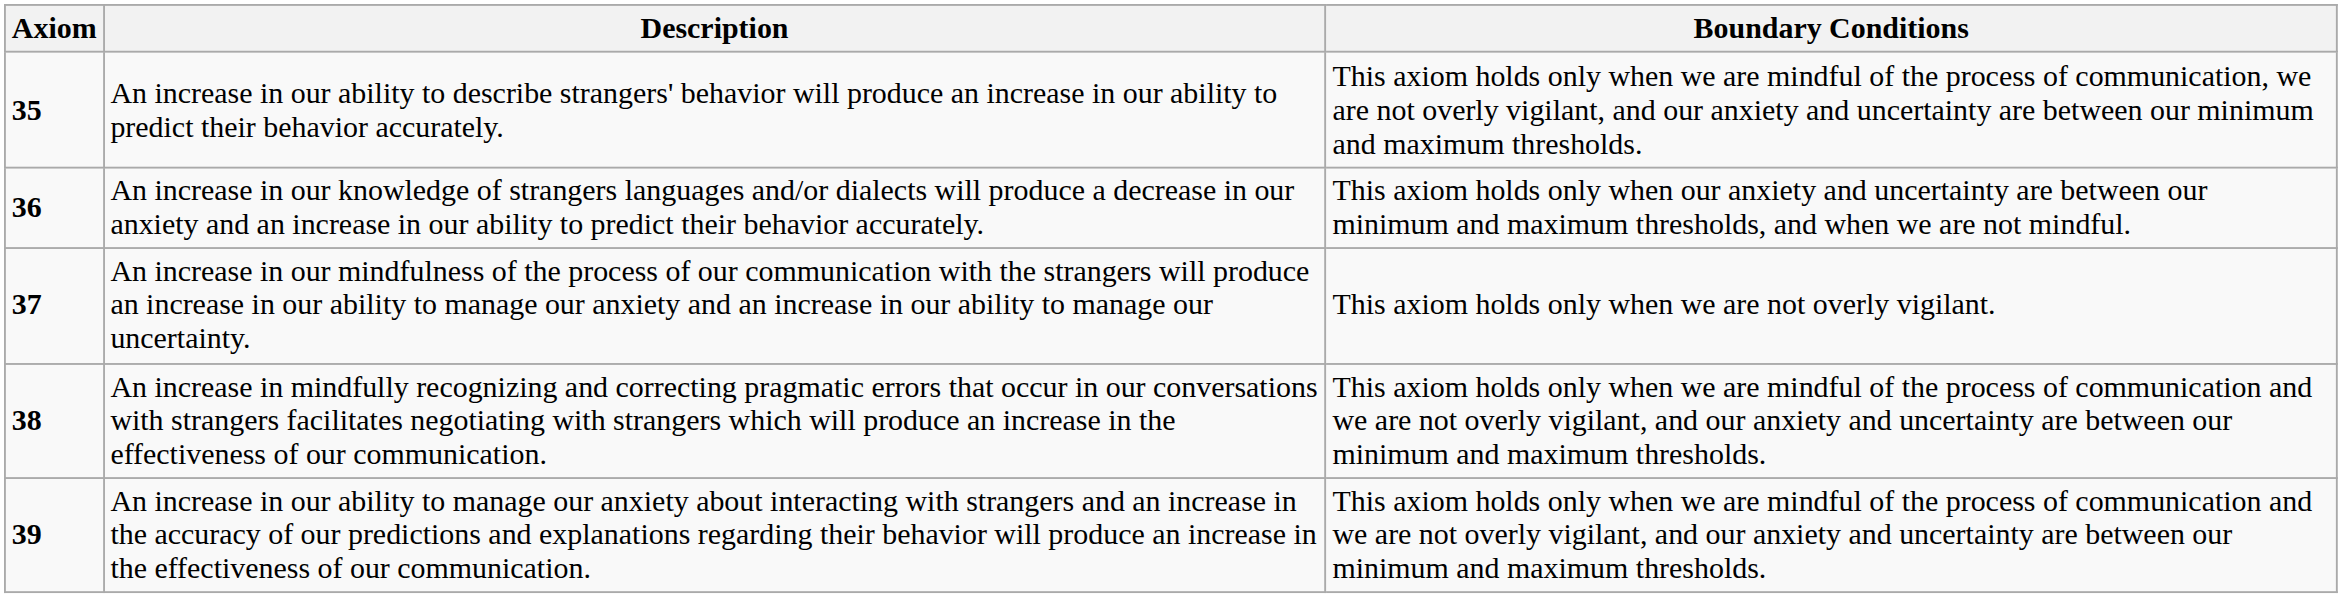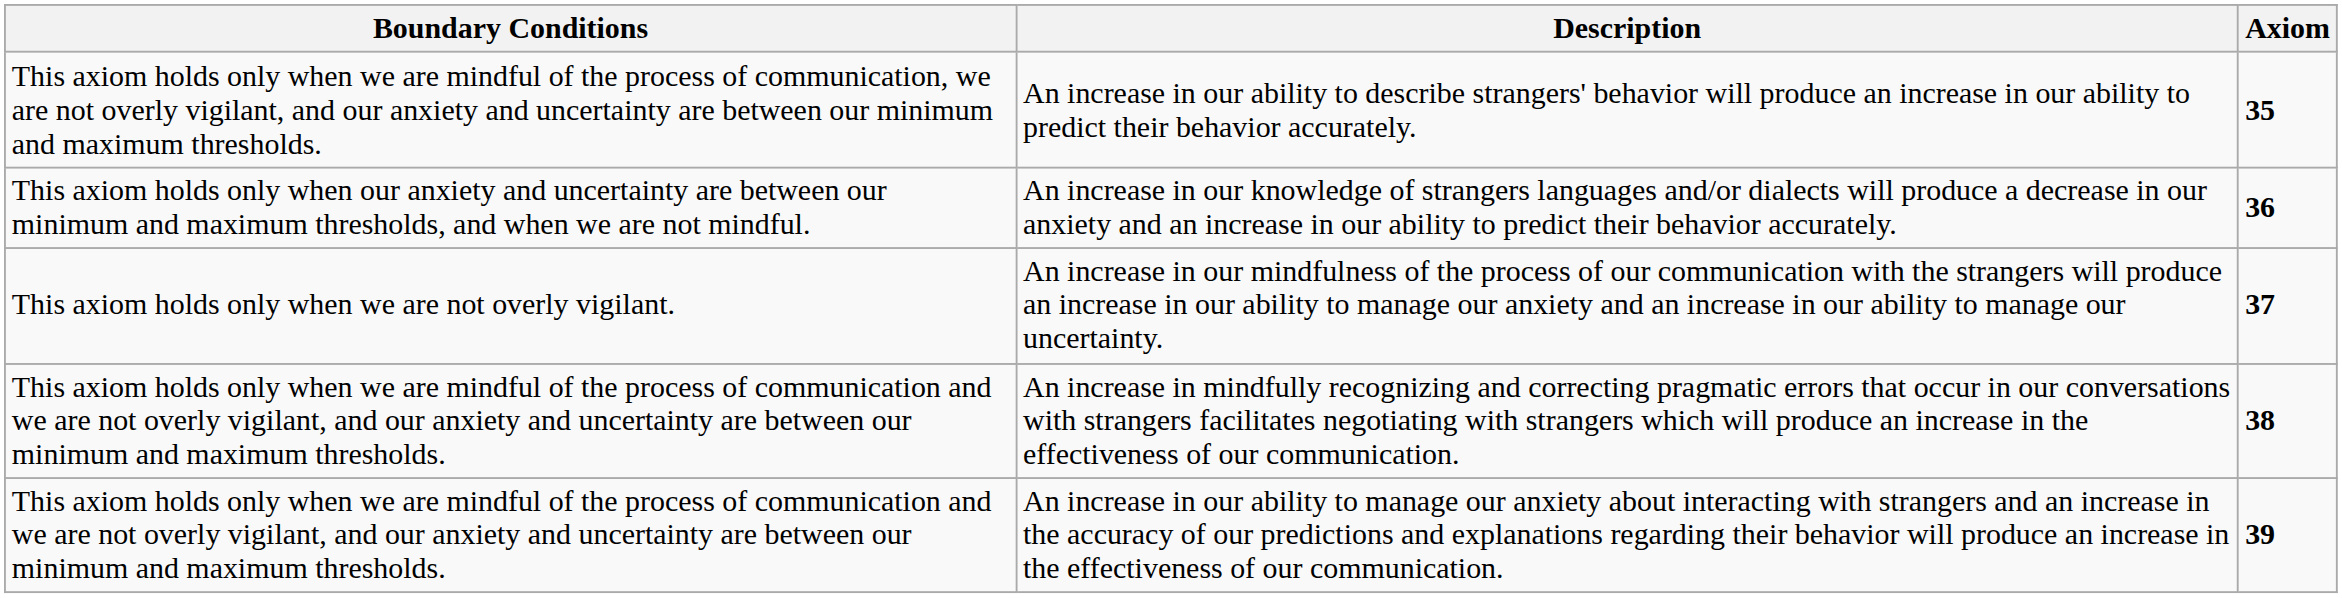 <table class="wikitable">
 <tr>
+<th>Boundary Conditions</th>
+<th>Description</th>
 <th>Axiom</th>
-<th>Description</th>
-<th>Boundary Conditions</th>
 </tr>
 <tr>
+<td>This axiom holds only when we are mindful of the process of communication, we are not overly vigilant, and our anxiety and uncertainty are between our minimum and maximum thresholds.</td>
+<td>An increase in our ability to describe strangers' behavior will produce an increase in our ability to predict their behavior accurately.</td>
 <td><strong>35</strong></td>
-<td>An increase in our ability to describe strangers' behavior will produce an increase in our ability to predict their behavior accurately.</td>
-<td>This axiom holds only when we are mindful of the process of communication, we are not overly vigilant, and our anxiety and uncertainty are between our minimum and maximum thresholds.</td>
 </tr>
 <tr>
+<td>This axiom holds only when our anxiety and uncertainty are between our minimum and maximum thresholds, and when we are not mindful.</td>
+<td>An increase in our knowledge of strangers languages and/or dialects will produce a decrease in our anxiety and an increase in our ability to predict their behavior accurately.</td>
 <td><strong>36</strong></td>
-<td>An increase in our knowledge of strangers languages and/or dialects will produce a decrease in our anxiety and an increase in our ability to predict their behavior accurately.</td>
-<td>This axiom holds only when our anxiety and uncertainty are between our minimum and maximum thresholds, and when we are not mindful.</td>
 </tr>
 <tr>
+<td>This axiom holds only when we are not overly vigilant.</td>
+<td>An increase in our mindfulness of the process of our communication with the strangers will produce an increase in our ability to manage our anxiety and an increase in our ability to manage our uncertainty.</td>
 <td><strong>37</strong></td>
-<td>An increase in our mindfulness of the process of our communication with the strangers will produce an increase in our ability to manage our anxiety and an increase in our ability to manage our uncertainty.</td>
-<td>This axiom holds only when we are not overly vigilant.</td>
 </tr>
 <tr>
+<td>This axiom holds only when we are mindful of the process of communication and we are not overly vigilant, and our anxiety and uncertainty are between our minimum and maximum thresholds.</td>
+<td>An increase in mindfully recognizing and correcting pragmatic errors that occur in our conversations with strangers facilitates negotiating with strangers which will produce an increase in the effectiveness of our communication.</td>
 <td><strong>38</strong></td>
-<td>An increase in mindfully recognizing and correcting pragmatic errors that occur in our conversations with strangers facilitates negotiating with strangers which will produce an increase in the effectiveness of our communication.</td>
-<td>This axiom holds only when we are mindful of the process of communication and we are not overly vigilant, and our anxiety and uncertainty are between our minimum and maximum thresholds.</td>
 </tr>
 <tr>
+<td>This axiom holds only when we are mindful of the process of communication and we are not overly vigilant, and our anxiety and uncertainty are between our minimum and maximum thresholds.</td>
+<td>An increase in our ability to manage our anxiety about interacting with strangers and an increase in the accuracy of our predictions and explanations regarding their behavior will produce an increase in the effectiveness of our communication.</td>
 <td><strong>39</strong></td>
-<td>An increase in our ability to manage our anxiety about interacting with strangers and an increase in the accuracy of our predictions and explanations regarding their behavior will produce an increase in the effectiveness of our communication.</td>
-<td>This axiom holds only when we are mindful of the process of communication and we are not overly vigilant, and our anxiety and uncertainty are between our minimum and maximum thresholds.</td>
 </tr>
 </table>
